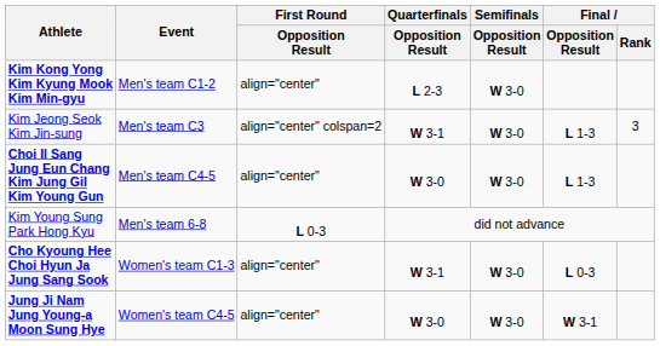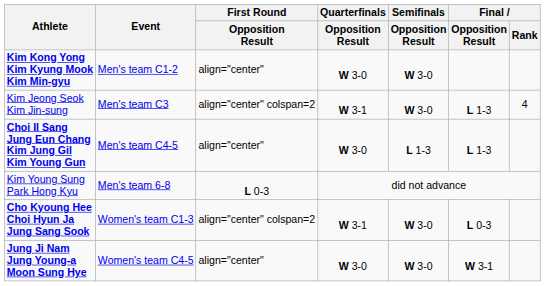 <table class=wikitable style>
 <tr>
 <th rowspan="2">Athlete</th>
 <th rowspan="2">Event</th>
 <th>First Round</th>
 <th>Quarterfinals</th>
 <th>Semifinals</th>
 <th colspan="2">Final / </th>
 </tr>
 <tr>
 <th>Opposition<br>Result</th>
 <th>Opposition<br>Result</th>
 <th>Opposition<br>Result</th>
 <th>Opposition<br>Result</th>
 <th>Rank</th>
 </tr>
 <tr>
 <td><strong><a href='#'>Kim Kong Yong</a></strong><br> <strong><a href='#'>Kim Kyung Mook</a></strong><br> <strong><a href='#'>Kim Min-gyu</a></strong></td>
 <td><a href='#'>Men's team C1-2</a></td>
 <td>align="center" </td>
-<td align="center"><br><strong>L</strong> 2-3</td>
+<td align="center"><br><strong>W</strong> 3-0</td>
 <td align="center"><br><strong>W</strong> 3-0</td>
 <td align="center"></td>
 </tr>
 <tr>
 <td><a href='#'>Kim Jeong Seok</a><br> <a href='#'>Kim Jin-sung</a></td>
 <td><a href='#'>Men's team C3</a></td>
 <td>align="center" colspan=2 </td>
 <td align="center"><br><strong>W</strong> 3-1</td>
 <td align="center"><br><strong>W</strong> 3-0</td>
 <td align="center"><br><strong>L</strong> 1-3</td>
-<td align="center">3</td>
+<td align="center">4</td>
 </tr>
 <tr>
 <td><strong><a href='#'>Choi Il Sang</a></strong><br> <strong><a href='#'>Jung Eun Chang</a></strong><br> <strong><a href='#'>Kim Jung Gil</a></strong><br> <strong><a href='#'>Kim Young Gun</a></strong></td>
 <td><a href='#'>Men's team C4-5</a></td>
 <td>align="center" </td>
 <td align="center"><br><strong>W</strong> 3-0</td>
-<td align="center"><br><strong>W</strong> 3-0</td>
+<td align="center"><br><strong>L</strong> 1-3</td>
 <td align="center"><br><strong>L</strong> 1-3</td>
 <td align="center"></td>
 </tr>
 <tr>
 <td><a href='#'>Kim Young Sung</a><br> <a href='#'>Park Hong Kyu</a></td>
 <td><a href='#'>Men's team 6-8</a></td>
 <td align="center"><br><strong>L</strong> 0-3</td>
 <td align="center" colspan=4>did not advance</td>
 </tr>
 <tr>
 <td><strong><a href='#'>Cho Kyoung Hee</a></strong><br> <strong><a href='#'>Choi Hyun Ja</a></strong><br> <strong><a href='#'>Jung Sang Sook</a></strong></td>
 <td><a href='#'>Women's team C1-3</a></td>
-<td>align="center" </td>
+<td>align="center" colspan=2 </td>
 <td align="center"><br><strong>W</strong> 3-1</td>
 <td align="center"><br><strong>W</strong> 3-0</td>
 <td align="center"><br> <strong>L</strong> 0-3</td>
 <td align="center"></td>
 </tr>
 <tr>
 <td><strong><a href='#'>Jung Ji Nam</a></strong><br> <strong><a href='#'>Jung Young-a</a></strong><br> <strong><a href='#'>Moon Sung Hye</a></strong></td>
 <td><a href='#'>Women's team C4-5</a></td>
 <td>align="center" </td>
 <td align="center"><br><strong>W</strong> 3-0</td>
 <td align="center"><br><strong>W</strong> 3-0</td>
 <td align="center"><br><strong>W</strong> 3-1</td>
 <td align="center"></td>
 </tr>
 </table>
